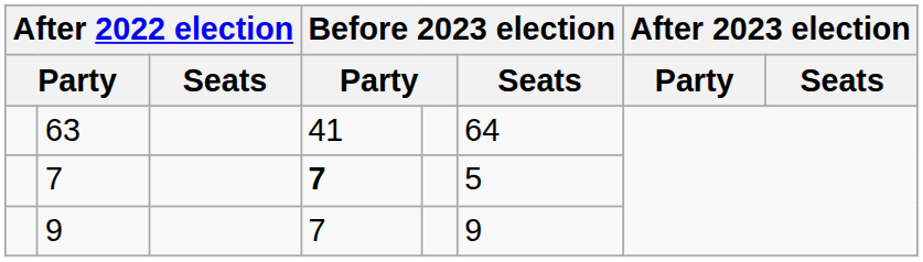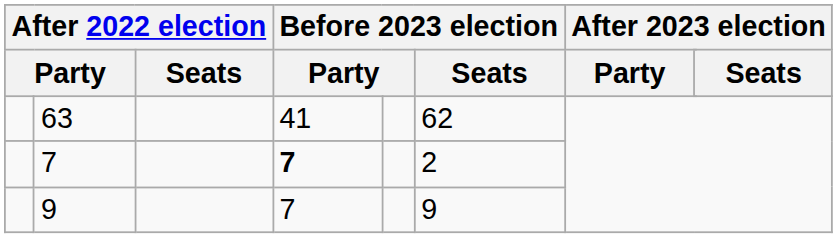 <table class="wikitable">
 <tr>
 <th colspan="3">After <a href='#'>2022 election</a></th>
 <th colspan="3">Before 2023 election</th>
 <th colspan="3">After 2023 election</th>
 </tr>
 <tr>
 <th colspan="2">Party</th>
 <th>Seats</th>
 <th colspan="2">Party</th>
 <th>Seats</th>
 <th colspan="2">Party</th>
 <th>Seats</th>
 </tr>
 <tr>
 <td></td>
 <td>63</td>
 <td></td>
 <td>41</td>
 <td></td>
-<td>64</td>
+<td>62</td>
 </tr>
 <tr>
 <td></td>
 <td>7</td>
 <td></td>
 <td><strong>7</strong></td>
 <td></td>
-<td>5</td>
+<td>2</td>
 </tr>
 <tr>
 <td></td>
 <td>9</td>
 <td></td>
 <td>7</td>
 <td></td>
 <td>9</td>
 </tr>
 </table>
